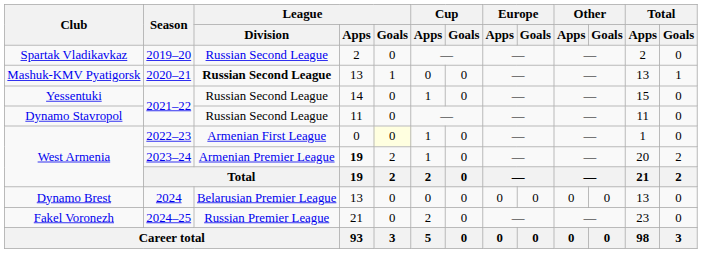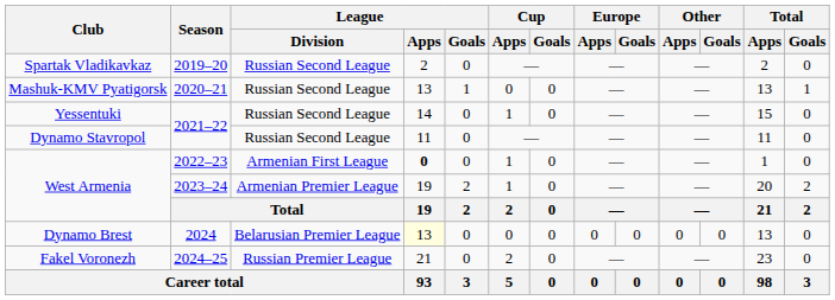 <table class="wikitable" style="text-align: center">
 <tr>
 <th rowspan="2">Club</th>
 <th rowspan="2">Season</th>
 <th colspan="3">League</th>
 <th colspan="2">Cup</th>
 <th colspan="2">Europe</th>
 <th colspan="2">Other</th>
 <th colspan="2">Total</th>
 </tr>
 <tr>
 <th>Division</th>
 <th>Apps</th>
 <th>Goals</th>
 <th>Apps</th>
 <th>Goals</th>
 <th>Apps</th>
 <th>Goals</th>
 <th>Apps</th>
 <th>Goals</th>
 <th>Apps</th>
 <th>Goals</th>
 </tr>
 <tr>
 <td><a href='#'>Spartak Vladikavkaz</a></td>
 <td><a href='#'>2019–20</a></td>
 <td><a href='#'>Russian Second League</a></td>
 <td>2</td>
 <td>0</td>
 <td colspan="2">—</td>
 <td colspan="2">—</td>
 <td colspan="2">—</td>
 <td>2</td>
 <td>0</td>
 </tr>
 <tr>
 <td><a href='#'>Mashuk-KMV Pyatigorsk</a></td>
 <td><a href='#'>2020–21</a></td>
-<td><strong>Russian Second League</strong></td>
+<td>Russian Second League</td>
 <td>13</td>
 <td>1</td>
 <td>0</td>
 <td>0</td>
 <td colspan="2">—</td>
 <td colspan="2">—</td>
 <td>13</td>
 <td>1</td>
 </tr>
 <tr>
 <td><a href='#'>Yessentuki</a></td>
 <td rowspan="2"><a href='#'>2021–22</a></td>
 <td>Russian Second League</td>
 <td>14</td>
 <td>0</td>
 <td>1</td>
 <td>0</td>
 <td colspan="2">—</td>
 <td colspan="2">—</td>
 <td>15</td>
 <td>0</td>
 </tr>
 <tr>
 <td><a href='#'>Dynamo Stavropol</a></td>
 <td>Russian Second League</td>
 <td>11</td>
 <td>0</td>
 <td colspan="2">—</td>
 <td colspan="2">—</td>
 <td colspan="2">—</td>
 <td>11</td>
 <td>0</td>
 </tr>
 <tr>
 <td rowspan="3"><a href='#'>West Armenia</a></td>
 <td><a href='#'>2022–23</a></td>
 <td><a href='#'>Armenian First League</a></td>
+<td><strong>0</strong></td>
 <td>0</td>
-<td style="background: lightyellow;">0</td>
 <td>1</td>
 <td>0</td>
 <td colspan="2">—</td>
 <td colspan="2">—</td>
 <td>1</td>
 <td>0</td>
 </tr>
 <tr>
 <td><a href='#'>2023–24</a></td>
 <td><a href='#'>Armenian Premier League</a></td>
-<td><strong>19</strong></td>
+<td>19</td>
 <td>2</td>
 <td>1</td>
 <td>0</td>
 <td colspan="2">—</td>
 <td colspan="2">—</td>
 <td>20</td>
 <td>2</td>
 </tr>
 <tr>
 <th colspan="2">Total</th>
 <th>19</th>
 <th>2</th>
 <th>2</th>
 <th>0</th>
 <th colspan="2">—</th>
 <th colspan="2">—</th>
 <th>21</th>
 <th>2</th>
 </tr>
 <tr>
 <td><a href='#'>Dynamo Brest</a></td>
 <td><a href='#'>2024</a></td>
 <td><a href='#'>Belarusian Premier League</a></td>
-<td>13</td>
+<td style="background: lightyellow;">13</td>
 <td>0</td>
 <td>0</td>
 <td>0</td>
 <td>0</td>
 <td>0</td>
 <td>0</td>
 <td>0</td>
 <td>13</td>
 <td>0</td>
 </tr>
 <tr>
 <td><a href='#'>Fakel Voronezh</a></td>
 <td><a href='#'>2024–25</a></td>
 <td><a href='#'>Russian Premier League</a></td>
 <td>21</td>
 <td>0</td>
 <td>2</td>
 <td>0</td>
 <td colspan="2">—</td>
 <td colspan="2">—</td>
 <td>23</td>
 <td>0</td>
 </tr>
 <tr>
 <th colspan="3">Career total</th>
 <th>93</th>
 <th>3</th>
 <th>5</th>
 <th>0</th>
 <th>0</th>
 <th>0</th>
 <th>0</th>
 <th>0</th>
 <th>98</th>
 <th>3</th>
 </tr>
 </table>
